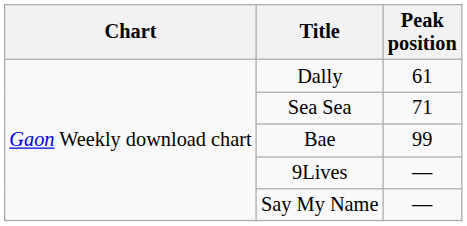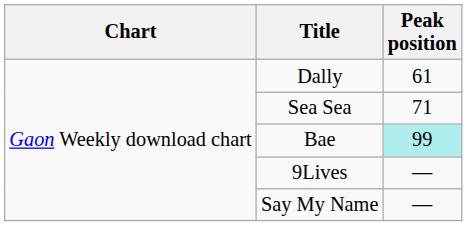 <table class="wikitable sortable">
 <tr>
 <th>Chart</th>
 <th>Title</th>
 <th>Peak<br>position</th>
 </tr>
 <tr>
 <td rowspan="5"><em><a href='#'>Gaon</a></em> Weekly download chart</td>
 <td align="center">Dally</td>
 <td align="center">61</td>
 </tr>
 <tr>
 <td align="center">Sea Sea</td>
 <td align="center">71</td>
 </tr>
 <tr>
 <td align="center">Bae</td>
-<td align="center">99</td>
+<td align="center" style="background: paleturquoise;">99</td>
 </tr>
 <tr>
 <td align="center">9Lives</td>
 <td align="center">—</td>
 </tr>
 <tr>
 <td align="center">Say My Name</td>
 <td align="center">—</td>
 </tr>
 </table>
